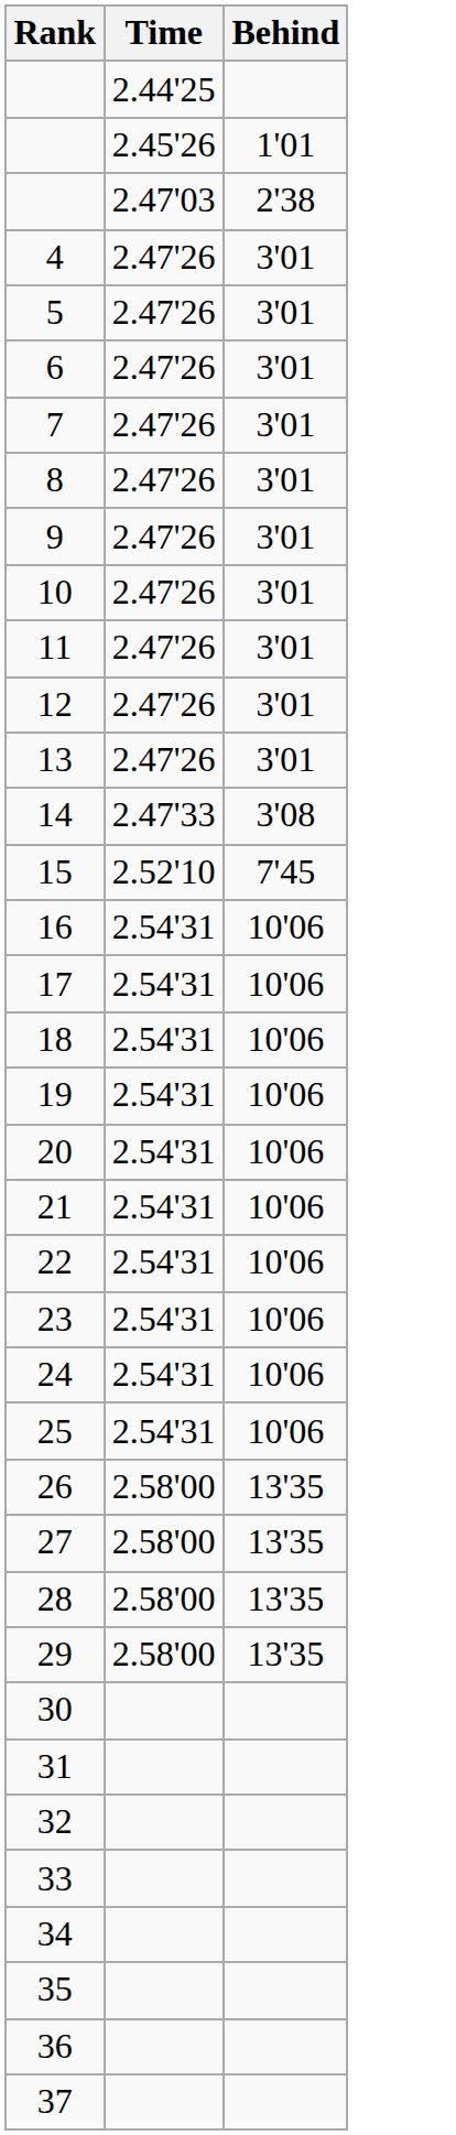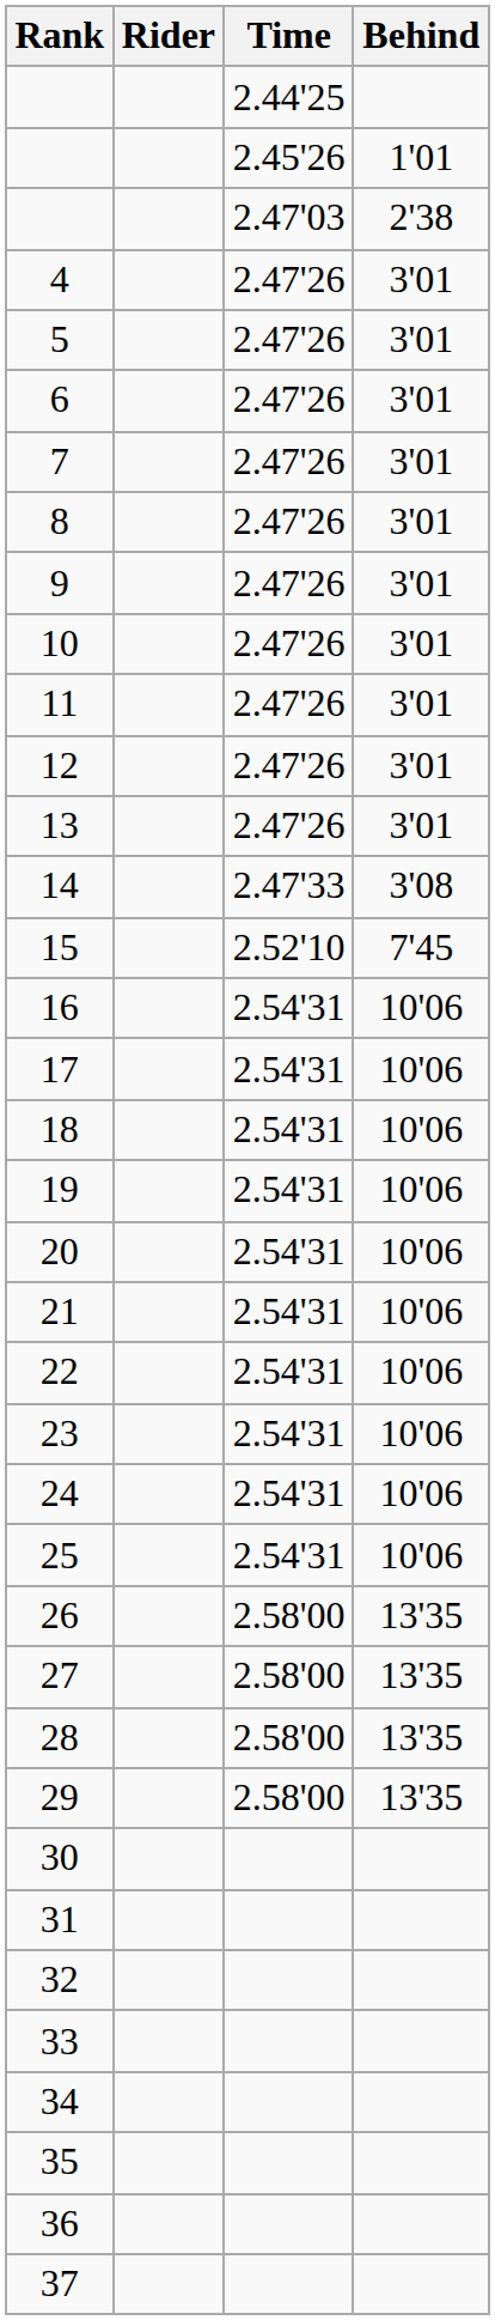 <table class=wikitable style="text-align:center;">
 <tr>
 <th>Rank</th>
+<th>Rider</th>
 <th>Time</th>
 <th>Behind</th>
 </tr>
 <tr>
 <td></td>
+<td align=left></td>
 <td>2.44'25</td>
 <td></td>
 </tr>
 <tr>
 <td></td>
+<td align=left></td>
 <td>2.45'26</td>
 <td>1'01</td>
 </tr>
 <tr>
 <td></td>
+<td align=left></td>
 <td>2.47'03</td>
 <td>2'38</td>
 </tr>
 <tr>
 <td>4</td>
+<td align=left></td>
 <td>2.47'26</td>
 <td>3'01</td>
 </tr>
 <tr>
 <td>5</td>
+<td align=left></td>
 <td>2.47'26</td>
 <td>3'01</td>
 </tr>
 <tr>
 <td>6</td>
+<td align=left></td>
 <td>2.47'26</td>
 <td>3'01</td>
 </tr>
 <tr>
 <td>7</td>
+<td align=left></td>
 <td>2.47'26</td>
 <td>3'01</td>
 </tr>
 <tr>
 <td>8</td>
+<td align=left></td>
 <td>2.47'26</td>
 <td>3'01</td>
 </tr>
 <tr>
 <td>9</td>
+<td align=left></td>
 <td>2.47'26</td>
 <td>3'01</td>
 </tr>
 <tr>
 <td>10</td>
+<td align=left></td>
 <td>2.47'26</td>
 <td>3'01</td>
 </tr>
 <tr>
 <td>11</td>
+<td align=left></td>
 <td>2.47'26</td>
 <td>3'01</td>
 </tr>
 <tr>
 <td>12</td>
+<td align=left></td>
 <td>2.47'26</td>
 <td>3'01</td>
 </tr>
 <tr>
 <td>13</td>
+<td align=left></td>
 <td>2.47'26</td>
 <td>3'01</td>
 </tr>
 <tr>
 <td>14</td>
+<td align=left></td>
 <td>2.47'33</td>
 <td>3'08</td>
 </tr>
 <tr>
 <td>15</td>
+<td align=left></td>
 <td>2.52'10</td>
 <td>7'45</td>
 </tr>
 <tr>
 <td>16</td>
+<td align=left></td>
 <td>2.54'31</td>
 <td>10'06</td>
 </tr>
 <tr>
 <td>17</td>
+<td align=left></td>
 <td>2.54'31</td>
 <td>10'06</td>
 </tr>
 <tr>
 <td>18</td>
+<td align=left></td>
 <td>2.54'31</td>
 <td>10'06</td>
 </tr>
 <tr>
 <td>19</td>
+<td align=left></td>
 <td>2.54'31</td>
 <td>10'06</td>
 </tr>
 <tr>
 <td>20</td>
+<td align=left></td>
 <td>2.54'31</td>
 <td>10'06</td>
 </tr>
 <tr>
 <td>21</td>
+<td align=left></td>
 <td>2.54'31</td>
 <td>10'06</td>
 </tr>
 <tr>
 <td>22</td>
+<td align=left></td>
 <td>2.54'31</td>
 <td>10'06</td>
 </tr>
 <tr>
 <td>23</td>
+<td align=left></td>
 <td>2.54'31</td>
 <td>10'06</td>
 </tr>
 <tr>
 <td>24</td>
+<td align=left></td>
 <td>2.54'31</td>
 <td>10'06</td>
 </tr>
 <tr>
 <td>25</td>
+<td align=left></td>
 <td>2.54'31</td>
 <td>10'06</td>
 </tr>
 <tr>
 <td>26</td>
+<td align=left></td>
 <td>2.58'00</td>
 <td>13'35</td>
 </tr>
 <tr>
 <td>27</td>
+<td align=left></td>
 <td>2.58'00</td>
 <td>13'35</td>
 </tr>
 <tr>
 <td>28</td>
+<td align=left></td>
 <td>2.58'00</td>
 <td>13'35</td>
 </tr>
 <tr>
 <td>29</td>
+<td align=left></td>
 <td>2.58'00</td>
 <td>13'35</td>
 </tr>
 <tr>
 <td>30</td>
+<td align=left></td>
 <td></td>
 <td></td>
 </tr>
 <tr>
 <td>31</td>
+<td align=left></td>
 <td></td>
 <td></td>
 </tr>
 <tr>
 <td>32</td>
+<td align=left></td>
 <td></td>
 <td></td>
 </tr>
 <tr>
 <td>33</td>
+<td align=left></td>
 <td></td>
 <td></td>
 </tr>
 <tr>
 <td>34</td>
+<td align=left></td>
 <td></td>
 <td></td>
 </tr>
 <tr>
 <td>35</td>
+<td align=left></td>
 <td></td>
 <td></td>
 </tr>
 <tr>
 <td>36</td>
+<td align=left></td>
 <td></td>
 <td></td>
 </tr>
 <tr>
 <td>37</td>
+<td align=left></td>
 <td></td>
 <td></td>
 </tr>
 </table>
